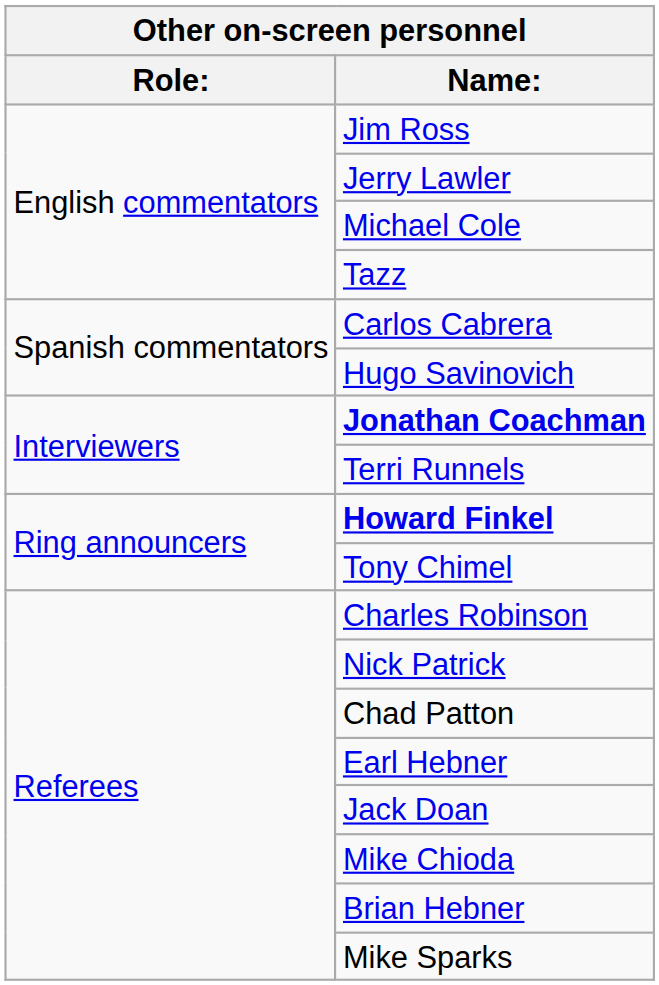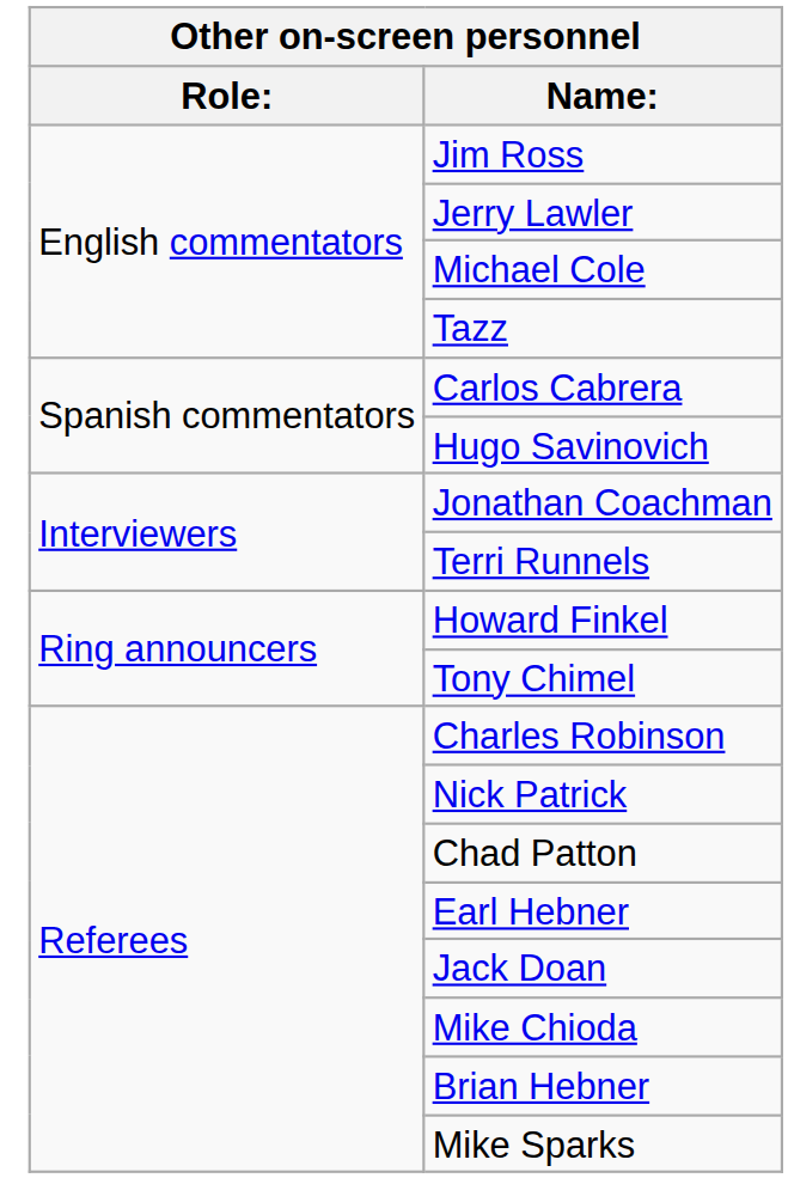 <table class="wikitable" style="float:right; border:1px; font-size:90%; margin-left:1em;">
 <tr>
 <th colspan="2" style="width:250px;">Other on-screen personnel</th>
 </tr>
 <tr>
 <th>Role:</th>
 <th>Name:</th>
 </tr>
 <tr>
 <td rowspan="4">English <a href='#'>commentators</a></td>
 <td><a href='#'>Jim Ross</a> </td>
 </tr>
 <tr>
 <td><a href='#'>Jerry Lawler</a> </td>
 </tr>
 <tr>
 <td><a href='#'>Michael Cole</a> </td>
 </tr>
 <tr>
 <td><a href='#'>Tazz</a> </td>
 </tr>
 <tr>
 <td rowspan=2>Spanish commentators</td>
 <td><a href='#'>Carlos Cabrera</a></td>
 </tr>
 <tr>
 <td><a href='#'>Hugo Savinovich</a></td>
 </tr>
 <tr>
 <td rowspan="2"><a href='#'>Interviewers</a></td>
-<td><strong><a href='#'>Jonathan Coachman</a></strong></td>
+<td><a href='#'>Jonathan Coachman</a></td>
 </tr>
 <tr>
 <td><a href='#'>Terri Runnels</a></td>
 </tr>
 <tr>
 <td rowspan="2"><a href='#'>Ring announcers</a></td>
-<td><strong><a href='#'>Howard Finkel</a> </strong></td>
+<td><a href='#'>Howard Finkel</a> </td>
 </tr>
 <tr>
 <td><a href='#'>Tony Chimel</a> </td>
 </tr>
 <tr>
 <td rowspan="8"><a href='#'>Referees</a></td>
 <td><a href='#'>Charles Robinson</a> </td>
 </tr>
 <tr>
 <td><a href='#'>Nick Patrick</a> </td>
 </tr>
 <tr>
 <td>Chad Patton </td>
 </tr>
 <tr>
 <td><a href='#'>Earl Hebner</a> </td>
 </tr>
 <tr>
 <td><a href='#'>Jack Doan</a> </td>
 </tr>
 <tr>
 <td><a href='#'>Mike Chioda</a> </td>
 </tr>
 <tr>
 <td><a href='#'>Brian Hebner</a> </td>
 </tr>
 <tr>
 <td>Mike Sparks </td>
 </tr>
 </table>
